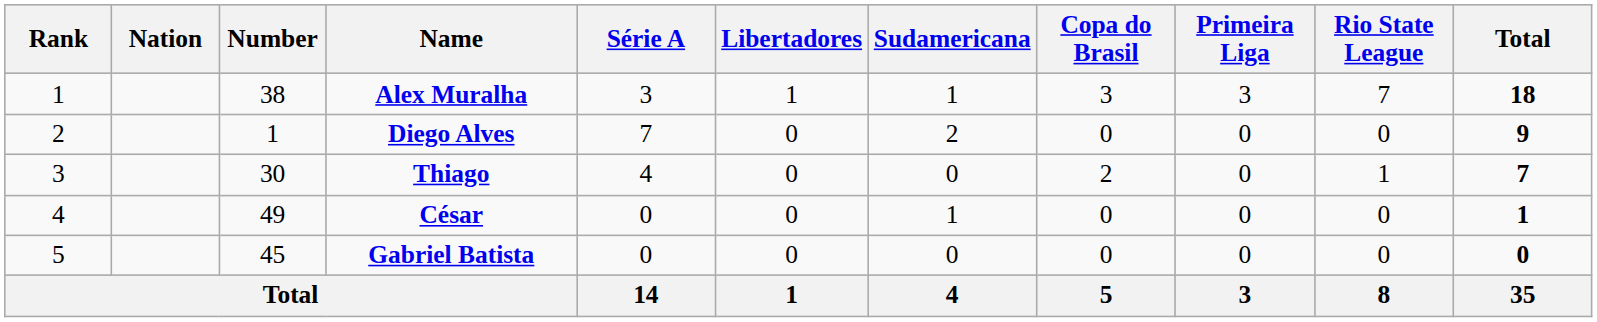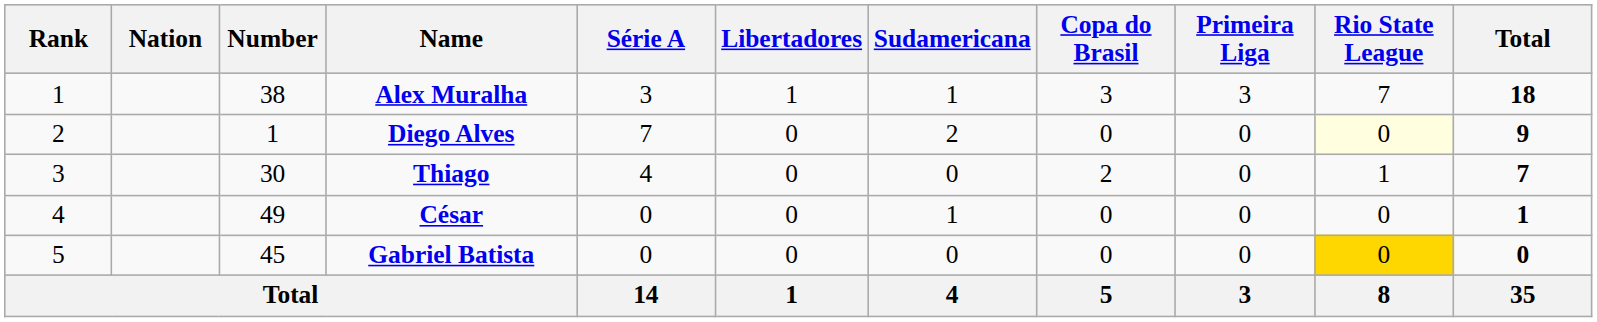 <table class="wikitable plainrowheaders sortable" style="text-align:center">
 <tr>
 <th scope="col" ! style="width:60px;">Rank</th>
 <th scope="col" ! style="width:60px;">Nation</th>
 <th scope="col" ! style="width:60px;">Number</th>
 <th scope="col" ! style="width:150px;">Name</th>
 <th scope="col" ! style="width:80px;"><a href='#'>Série A</a></th>
 <th scope="col" ! style="width:80px;"><a href='#'>Libertadores</a></th>
 <th scope="col" ! style="width:80px;"><a href='#'>Sudamericana</a></th>
 <th scope="col" ! style="width:80px;"><a href='#'>Copa do Brasil</a></th>
 <th scope="col" ! style="width:80px;"><a href='#'>Primeira Liga</a></th>
 <th scope="col" ! style="width:80px;"><a href='#'>Rio State League</a></th>
 <th scope="col" ! style="width:80px;">Total</th>
 </tr>
 <tr>
 <td>1</td>
 <td></td>
 <td>38</td>
 <td><strong><a href='#'>Alex Muralha</a></strong></td>
 <td>3</td>
 <td>1</td>
 <td>1</td>
 <td>3</td>
 <td>3</td>
 <td>7</td>
 <td><strong>18</strong></td>
 </tr>
 <tr>
 <td>2</td>
 <td></td>
 <td>1</td>
 <td><strong><a href='#'>Diego Alves</a></strong></td>
 <td>7</td>
 <td>0</td>
 <td>2</td>
 <td>0</td>
 <td>0</td>
-<td>0</td>
+<td style="background: lightyellow;">0</td>
 <td><strong>9</strong></td>
 </tr>
 <tr>
 <td>3</td>
 <td></td>
 <td>30</td>
 <td><strong><a href='#'>Thiago</a></strong></td>
 <td>4</td>
 <td>0</td>
 <td>0</td>
 <td>2</td>
 <td>0</td>
 <td>1</td>
 <td><strong>7</strong></td>
 </tr>
 <tr>
 <td>4</td>
 <td></td>
 <td>49</td>
 <td><strong><a href='#'>César</a></strong></td>
 <td>0</td>
 <td>0</td>
 <td>1</td>
 <td>0</td>
 <td>0</td>
 <td>0</td>
 <td><strong>1</strong></td>
 </tr>
 <tr>
 <td>5</td>
 <td></td>
 <td>45</td>
 <td><strong><a href='#'>Gabriel Batista</a></strong></td>
 <td>0</td>
 <td>0</td>
 <td>0</td>
 <td>0</td>
 <td>0</td>
-<td>0</td>
+<td style="background: gold;">0</td>
 <td><strong>0</strong></td>
 </tr>
 <tr>
 <th colspan=4>Total</th>
 <th>14</th>
 <th>1</th>
 <th>4</th>
 <th>5</th>
 <th>3</th>
 <th>8</th>
 <th>35</th>
 </tr>
 </table>
